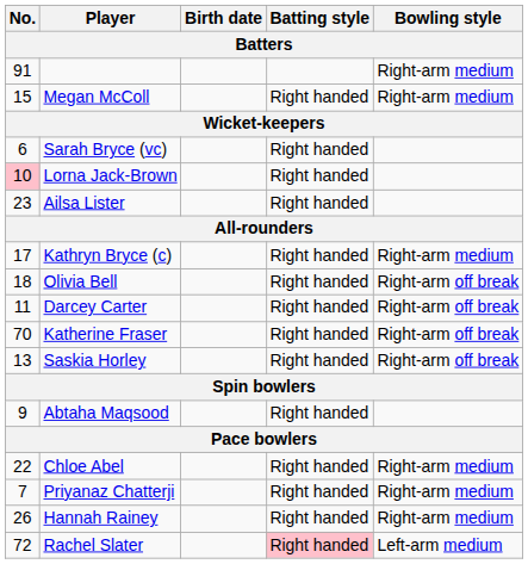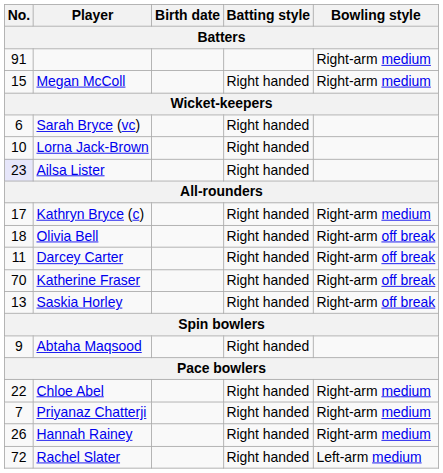 <table class="wikitable sortable hover-highlight">
 <tr>
 <th scope=col>No.</th>
 <th scope=col class=unsortable>Player</th>
 <th scope=col>Birth date</th>
 <th scope=col>Batting style</th>
 <th scope=col>Bowling style</th>
 </tr>
 <tr>
 <th colspan=10>Batters</th>
 </tr>
 <tr>
 <td style="text-align:center;">91</td>
 <td></td>
 <td></td>
 <td></td>
 <td>Right-arm <a href='#'>medium</a></td>
 </tr>
 <tr>
 <td style="text-align:center;">15</td>
 <td><a href='#'>Megan McColl</a></td>
 <td></td>
 <td>Right handed</td>
 <td>Right-arm <a href='#'>medium</a></td>
 </tr>
 <tr>
 <th colspan=10>Wicket-keepers</th>
 </tr>
 <tr>
 <td style="text-align:center;">6</td>
 <td><a href='#'>Sarah Bryce</a> (<a href='#'>vc</a>)</td>
 <td></td>
 <td>Right handed</td>
 <td></td>
 </tr>
 <tr>
-<td style="background: pink; text-align:center;">10</td>
+<td style="text-align:center;">10</td>
 <td><a href='#'>Lorna Jack-Brown</a></td>
 <td></td>
 <td>Right handed</td>
 <td></td>
 </tr>
 <tr>
-<td style="text-align:center;">23</td>
+<td style="background: lavender; text-align:center;">23</td>
 <td><a href='#'>Ailsa Lister</a></td>
 <td></td>
 <td>Right handed</td>
 <td></td>
 </tr>
 <tr>
 <th colspan=10>All-rounders</th>
 </tr>
 <tr>
 <td style="text-align:center;">17</td>
 <td><a href='#'>Kathryn Bryce</a> (<a href='#'>c</a>)</td>
 <td></td>
 <td>Right handed</td>
 <td>Right-arm <a href='#'>medium</a></td>
 </tr>
 <tr>
 <td style="text-align:center;">18</td>
 <td><a href='#'>Olivia Bell</a></td>
 <td></td>
 <td>Right handed</td>
 <td>Right-arm <a href='#'>off break</a></td>
 </tr>
 <tr>
 <td style="text-align:center;">11</td>
 <td><a href='#'>Darcey Carter</a></td>
 <td></td>
 <td>Right handed</td>
 <td>Right-arm <a href='#'>off break</a></td>
 </tr>
 <tr>
 <td style="text-align:center;">70</td>
 <td><a href='#'>Katherine Fraser</a></td>
 <td></td>
 <td>Right handed</td>
 <td>Right-arm <a href='#'>off break</a></td>
 </tr>
 <tr>
 <td style="text-align:center;">13</td>
 <td><a href='#'>Saskia Horley</a></td>
 <td></td>
 <td>Right handed</td>
 <td>Right-arm <a href='#'>off break</a></td>
 </tr>
 <tr>
 <th colspan=10>Spin bowlers</th>
 </tr>
 <tr>
 <td style="text-align:center;">9</td>
 <td><a href='#'>Abtaha Maqsood</a></td>
 <td></td>
 <td>Right handed</td>
 <td></td>
 </tr>
 <tr>
 <th colspan=10>Pace bowlers</th>
 </tr>
 <tr>
 <td style="text-align:center;">22</td>
 <td><a href='#'>Chloe Abel</a></td>
 <td></td>
 <td>Right handed</td>
 <td>Right-arm <a href='#'>medium</a></td>
 </tr>
 <tr>
 <td style="text-align:center;">7</td>
 <td><a href='#'>Priyanaz Chatterji</a></td>
 <td></td>
 <td>Right handed</td>
 <td>Right-arm <a href='#'>medium</a></td>
 </tr>
 <tr>
 <td style="text-align:center;">26</td>
 <td><a href='#'>Hannah Rainey</a></td>
 <td></td>
 <td>Right handed</td>
 <td>Right-arm <a href='#'>medium</a></td>
 </tr>
 <tr>
 <td style="text-align:center;">72</td>
 <td><a href='#'>Rachel Slater</a></td>
 <td></td>
-<td style="background: pink;">Right handed</td>
+<td>Right handed</td>
 <td>Left-arm <a href='#'>medium</a></td>
 </tr>
 </table>
